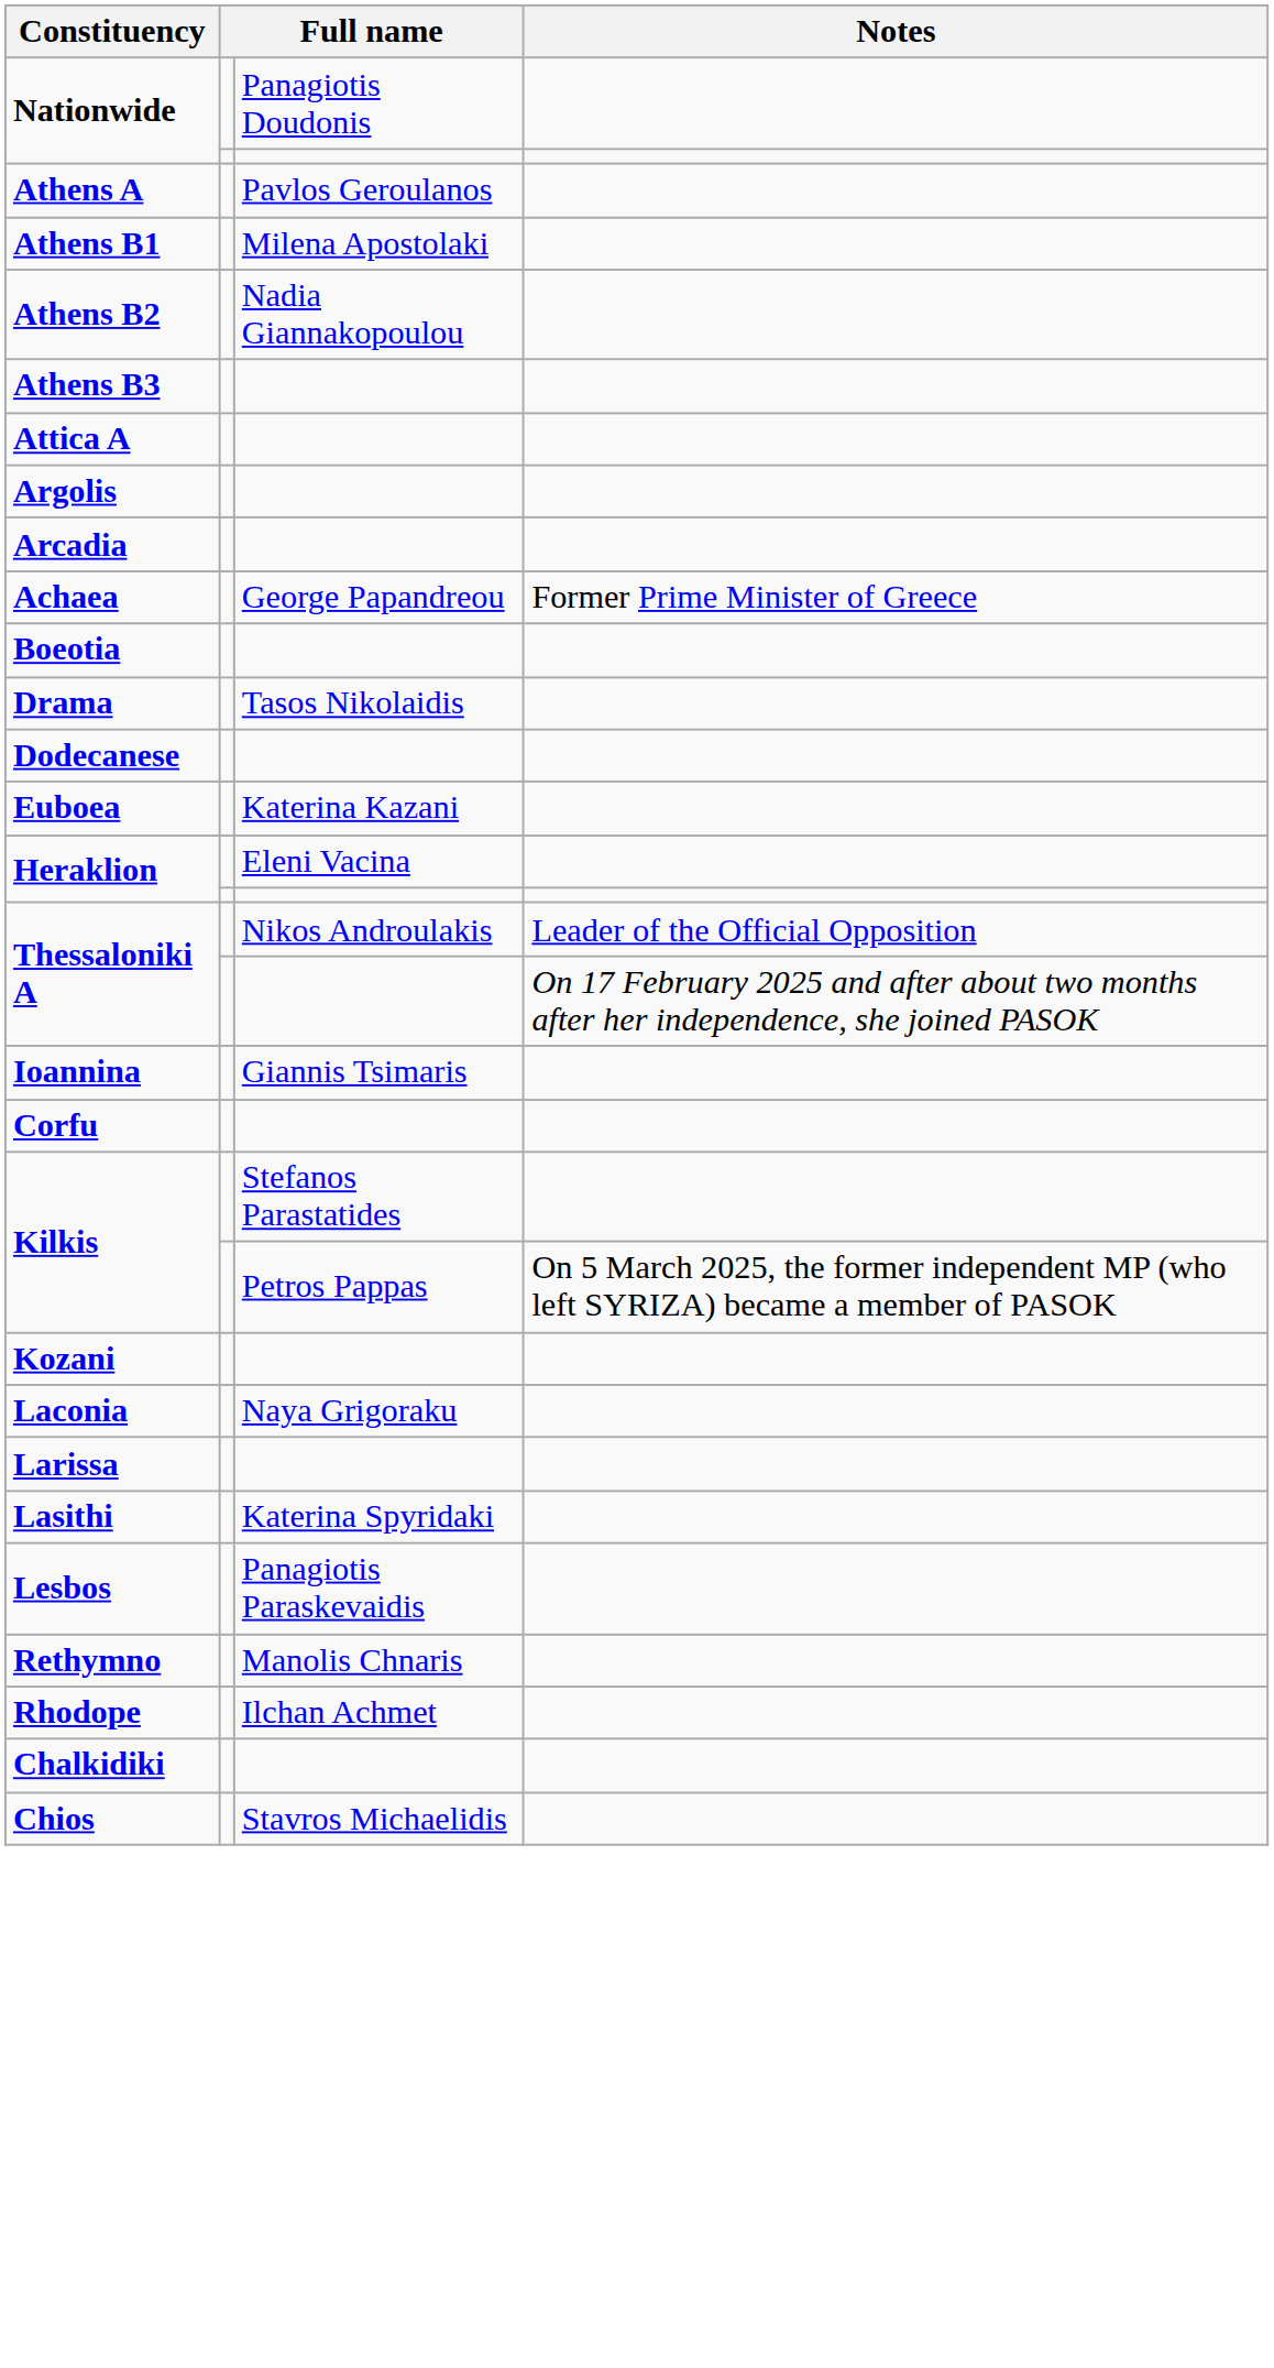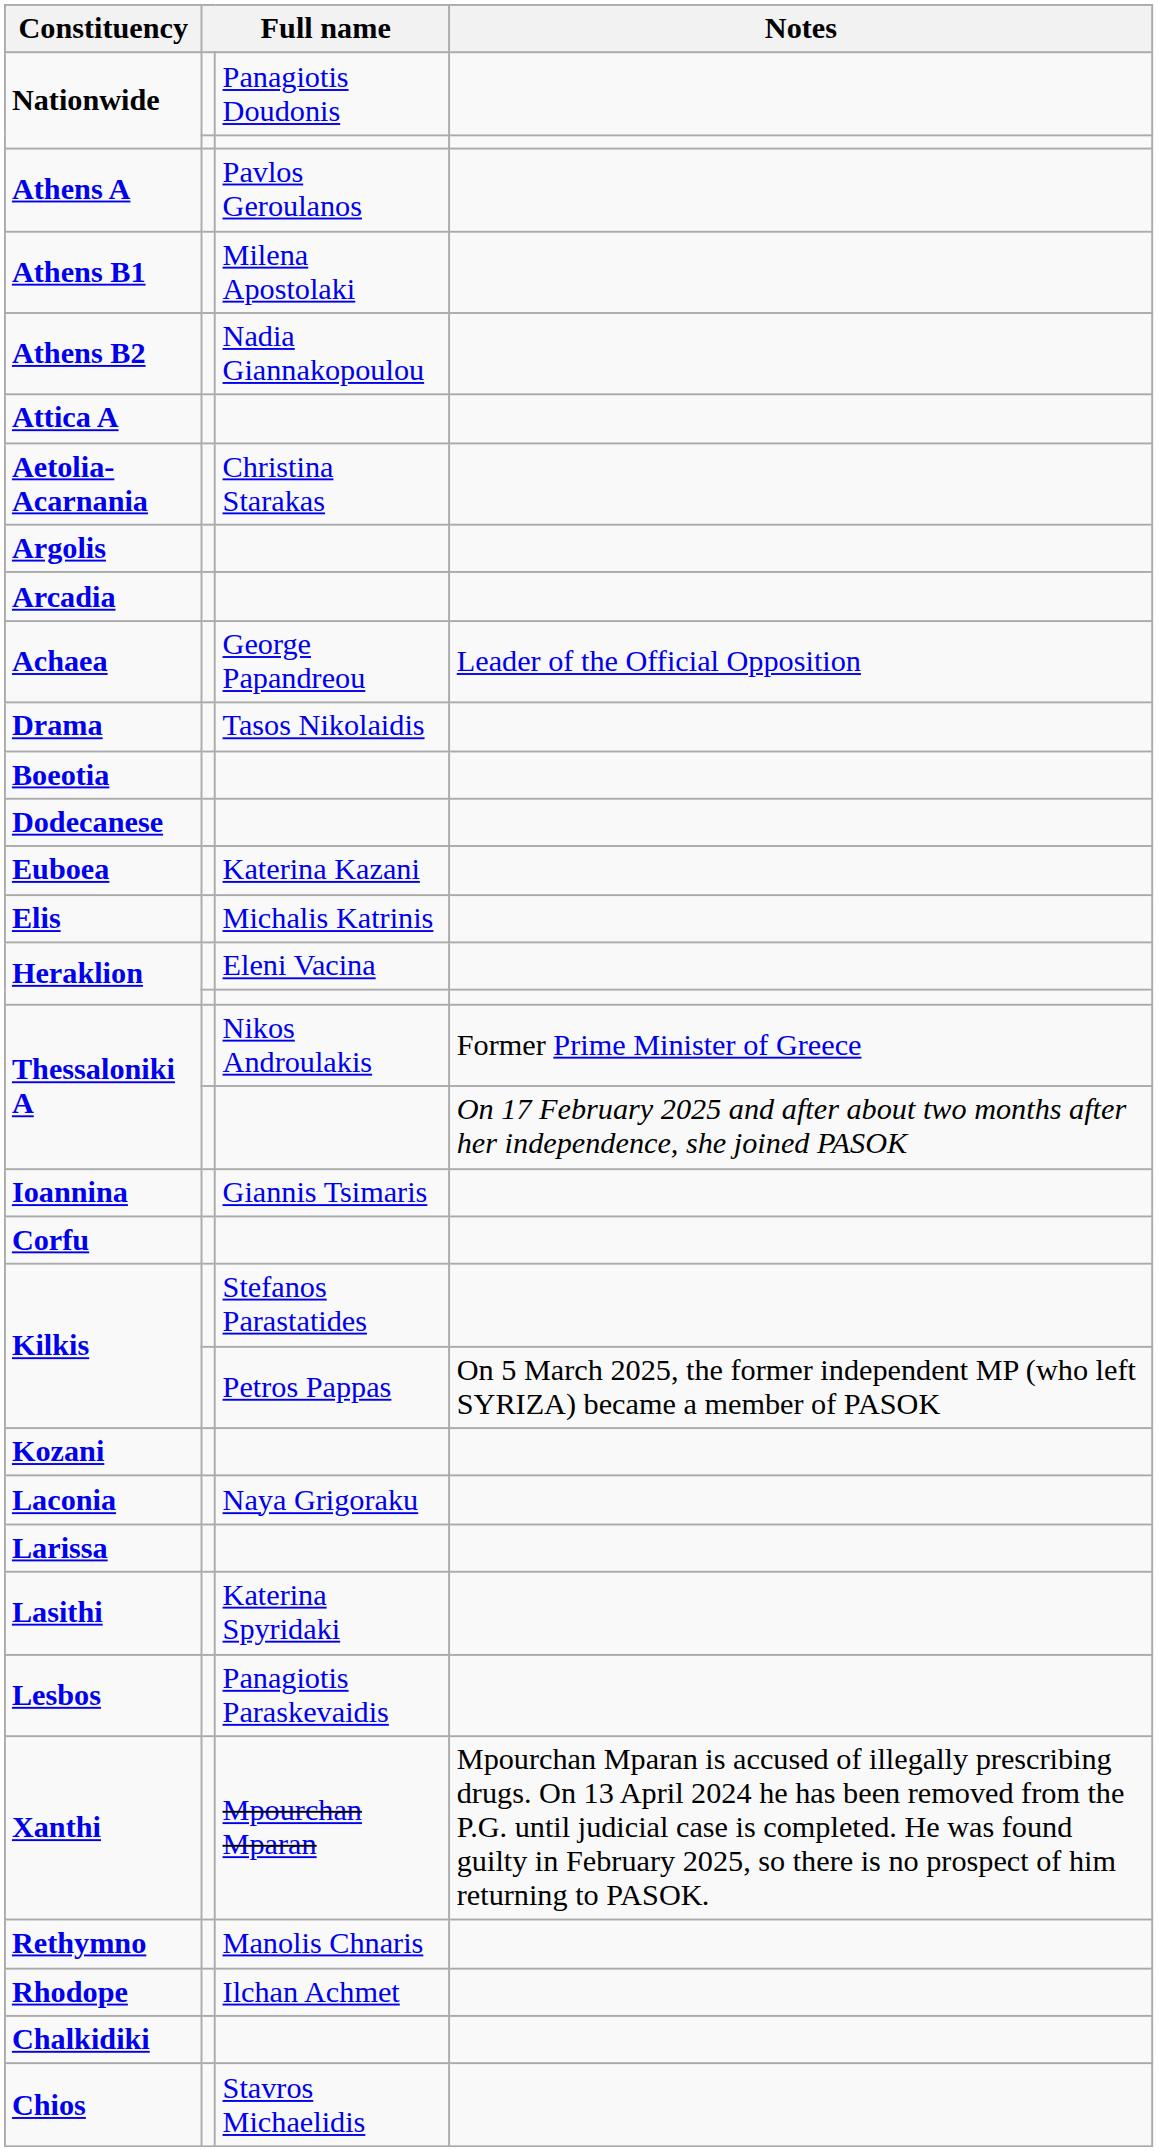 <table class="wikitable">
 <tr>
 <th>Constituency</th>
 <th colspan="2">Full name</th>
 <th>Notes</th>
 </tr>
 <tr>
 <td rowspan="2"><strong>Nationwide</strong></td>
 <td></td>
 <td><a href='#'>Panagiotis Doudonis</a></td>
 <td></td>
 </tr>
 <tr>
 <td></td>
 <td></td>
 <td></td>
 </tr>
 <tr>
 <td><strong><a href='#'>Athens A</a></strong></td>
 <td></td>
 <td><a href='#'>Pavlos Geroulanos</a></td>
 <td></td>
 </tr>
 <tr>
 <td><strong><a href='#'>Athens B1</a></strong></td>
 <td></td>
 <td><a href='#'>Milena Apostolaki</a></td>
 <td></td>
 </tr>
 <tr>
 <td><strong><a href='#'>Athens B2</a></strong></td>
 <td></td>
 <td><a href='#'>Nadia Giannakopoulou</a></td>
 <td></td>
 </tr>
 <tr>
-<td><strong><a href='#'>Athens B3</a></strong></td>
+<td><a href='#'><strong>Attica A</strong></a></td>
 <td></td>
 <td></td>
 <td></td>
 </tr>
 <tr>
-<td><a href='#'><strong>Attica A</strong></a></td>
+<td><a href='#'><strong>Aetolia-Acarnania</strong></a></td>
 <td></td>
-<td></td>
+<td><a href='#'>Christina Starakas</a></td>
 <td></td>
 </tr>
 <tr>
 <td><a href='#'><strong>Argolis</strong></a></td>
 <td></td>
 <td></td>
 <td></td>
 </tr>
 <tr>
 <td><strong><a href='#'>Arcadia</a></strong></td>
 <td></td>
 <td></td>
 <td></td>
 </tr>
 <tr>
 <td><a href='#'><strong>Achaea</strong></a></td>
 <td></td>
 <td><a href='#'>George Papandreou</a></td>
-<td>Former <a href='#'>Prime Minister of Greece</a></td>
+<td><a href='#'>Leader of the Official Opposition</a></td>
+</tr>
+<tr>
+<td><a href='#'><strong>Drama</strong></a></td>
+<td></td>
+<td><a href='#'>Tasos Nikolaidis</a></td>
+<td></td>
 </tr>
 <tr>
 <td><a href='#'><strong>Boeotia</strong></a></td>
 <td></td>
 <td></td>
-<td></td>
-</tr>
-<tr>
-<td><a href='#'><strong>Drama</strong></a></td>
-<td></td>
-<td><a href='#'>Tasos Nikolaidis</a></td>
 <td></td>
 </tr>
 <tr>
 <td><a href='#'><strong>Dodecanese</strong></a></td>
 <td></td>
 <td></td>
 <td></td>
 </tr>
 <tr>
 <td><a href='#'><strong>Euboea</strong></a></td>
 <td></td>
 <td><a href='#'>Katerina Kazani</a></td>
+<td></td>
+</tr>
+<tr>
+<td><a href='#'><strong>Elis</strong></a></td>
+<td></td>
+<td><a href='#'>Michalis Katrinis</a></td>
 <td></td>
 </tr>
 <tr>
 <td rowspan="2"><a href='#'><strong>Heraklion</strong></a></td>
 <td></td>
 <td><a href='#'>Eleni Vacina</a></td>
 <td></td>
 </tr>
 <tr>
 <td></td>
 <td></td>
 <td></td>
 </tr>
 <tr>
 <td rowspan="2"><strong><a href='#'>Thessaloniki A</a></strong></td>
 <td></td>
 <td><a href='#'>Nikos Androulakis</a></td>
-<td><a href='#'>Leader of the Official Opposition</a></td>
+<td>Former <a href='#'>Prime Minister of Greece</a></td>
 </tr>
 <tr>
 <td></td>
 <td></td>
 <td><em>On 17 February 2025 and after about two months after her independence, she joined PASOK </td>
 </tr>
 <tr>
 <td><a href='#'><strong>Ioannina</strong></a></td>
 <td></td>
 <td><a href='#'>Giannis Tsimaris</a></td>
 <td></td>
 </tr>
 <tr>
 <td><a href='#'><strong>Corfu</strong></a></td>
 <td></td>
 <td></td>
 <td></td>
 </tr>
 <tr>
 <td rowspan="2"><a href='#'><strong>Kilkis</strong></a></td>
 <td></td>
 <td><a href='#'>Stefanos Parastatides</a></td>
 <td></td>
 </tr>
 <tr>
 <td></td>
 <td><a href='#'>Petros Pappas</a></td>
 <td></em>On 5 March 2025, the former independent MP (who left SYRIZA) became a member of PASOK<em> </td>
 </tr>
 <tr>
 <td><a href='#'><strong>Kozani</strong></a></td>
 <td></td>
 <td></td>
 <td></td>
 </tr>
 <tr>
 <td><strong><a href='#'>Laconia</a></strong></td>
 <td></td>
 <td><a href='#'>Naya Grigoraku</a></td>
 <td></td>
 </tr>
 <tr>
 <td><strong><a href='#'>Larissa</a></strong></td>
 <td></td>
 <td></td>
 <td></td>
 </tr>
 <tr>
 <td><strong><a href='#'>Lasithi</a></strong></td>
 <td></td>
 <td><a href='#'>Katerina Spyridaki</a></td>
 <td></td>
 </tr>
 <tr>
 <td><strong><a href='#'>Lesbos</a></strong></td>
 <td></td>
 <td><a href='#'>Panagiotis Paraskevaidis</a></td>
 <td></td>
 </tr>
 <tr>
+<td><strong><a href='#'>Xanthi</a></strong></td>
+<td></td>
+<td><s><a href='#'>Mpourchan Mparan</a></s></td>
+<td></em>Mpourchan Mparan is accused of illegally prescribing drugs. On 13 April 2024 he has been removed from the P.G. until judicial case is completed. He was found guilty in February 2025, so there is no prospect of him returning to PASOK<em>.</td>
+</tr>
+<tr>
 <td><strong><a href='#'>Rethymno</a></strong></td>
 <td></td>
 <td><a href='#'>Manolis Chnaris</a></td>
 <td></td>
 </tr>
 <tr>
 <td><a href='#'><strong>Rhodope</strong></a></td>
 <td></td>
 <td><a href='#'>Ilchan Achmet</a></td>
 <td></td>
 </tr>
 <tr>
 <td><strong><a href='#'>Chalkidiki</a></strong></td>
 <td></td>
 <td></td>
 <td></td>
 </tr>
 <tr>
 <td><strong><a href='#'>Chios</a></strong></td>
 <td></td>
 <td><a href='#'>Stavros Michaelidis</a></td>
 <td></td>
 </tr>
 </table>
